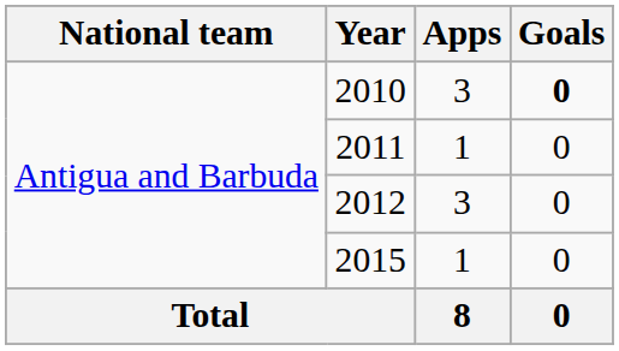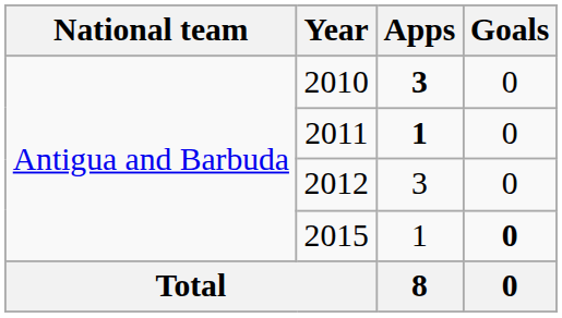 <table class=wikitable style=text-align:center>
 <tr>
 <th>National team</th>
 <th>Year</th>
 <th>Apps</th>
 <th>Goals</th>
 </tr>
 <tr>
 <td rowspan=4><a href='#'>Antigua and Barbuda</a></td>
 <td>2010</td>
-<td>3</td>
-<td><strong>0</strong></td>
+<td><strong>3</strong></td>
+<td>0</td>
 </tr>
 <tr>
 <td>2011</td>
-<td>1</td>
+<td><strong>1</strong></td>
 <td>0</td>
 </tr>
 <tr>
 <td>2012</td>
 <td>3</td>
 <td>0</td>
 </tr>
 <tr>
 <td>2015</td>
 <td>1</td>
-<td>0</td>
+<td><strong>0</strong></td>
 </tr>
 <tr>
 <th colspan=2>Total</th>
 <th>8</th>
 <th>0</th>
 </tr>
 </table>
